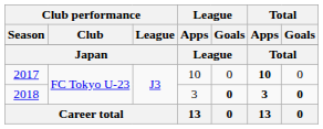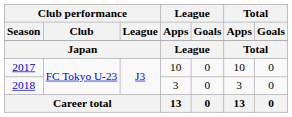 <table class="wikitable" style="text-align:center">
 <tr>
 <th colspan=3>Club performance</th>
 <th colspan=2>League</th>
 <th colspan=2>Total</th>
 </tr>
 <tr>
 <th>Season</th>
 <th>Club</th>
 <th>League</th>
 <th>Apps</th>
 <th>Goals</th>
 <th>Apps</th>
 <th>Goals</th>
 </tr>
 <tr>
 </tr>
 <tr>
 <th colspan=3>Japan</th>
 <th colspan=2>League</th>
 <th colspan=2>Total</th>
 </tr>
 <tr>
 <td><a href='#'>2017</a></td>
 <td rowspan=2><a href='#'>FC Tokyo U-23</a></td>
 <td rowspan=2><a href='#'>J3</a></td>
 <td>10</td>
 <td>0</td>
-<td><strong>10</strong></td>
+<td>10</td>
 <td>0</td>
 </tr>
 <tr>
 <td><a href='#'>2018</a></td>
 <td>3</td>
-<td><strong>0</strong></td>
-<td><strong>3</strong></td>
-<td><strong>0</strong></td>
+<td>0</td>
+<td>3</td>
+<td>0</td>
 </tr>
 <tr>
 <th colspan=3>Career total</th>
 <th>13</th>
 <th>0</th>
 <th>13</th>
 <th>0</th>
 </tr>
 </table>
